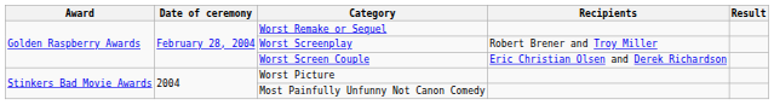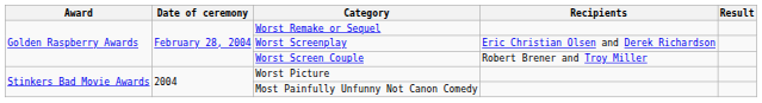 <table class="wikitable plainrowheaders sortable">
 <tr style="text-align:center;">
 <th scope="col">Award</th>
 <th scope="col">Date of ceremony</th>
 <th scope="col">Category</th>
 <th scope="col">Recipients</th>
 <th scope="col">Result</th>
 </tr>
 <tr>
 <td rowspan="3"><a href='#'>Golden Raspberry Awards</a></td>
 <td rowspan="3"><a href='#'>February 28, 2004</a></td>
 <td><a href='#'>Worst Remake or Sequel</a></td>
 <td></td>
 <td></td>
 </tr>
 <tr>
 <td><a href='#'>Worst Screenplay</a></td>
-<td>Robert Brener and <a href='#'>Troy Miller</a></td>
+<td><a href='#'>Eric Christian Olsen</a> and <a href='#'>Derek Richardson</a></td>
 <td></td>
 </tr>
 <tr>
 <td><a href='#'>Worst Screen Couple</a></td>
-<td><a href='#'>Eric Christian Olsen</a> and <a href='#'>Derek Richardson</a></td>
+<td>Robert Brener and <a href='#'>Troy Miller</a></td>
 <td></td>
 </tr>
 <tr>
 <td rowspan="2"><a href='#'>Stinkers Bad Movie Awards</a></td>
 <td rowspan="2">2004</td>
 <td>Worst Picture</td>
 <td></td>
 <td></td>
 </tr>
 <tr>
 <td>Most Painfully Unfunny Not Canon Comedy</td>
 <td></td>
 <td></td>
 </tr>
 </table>
